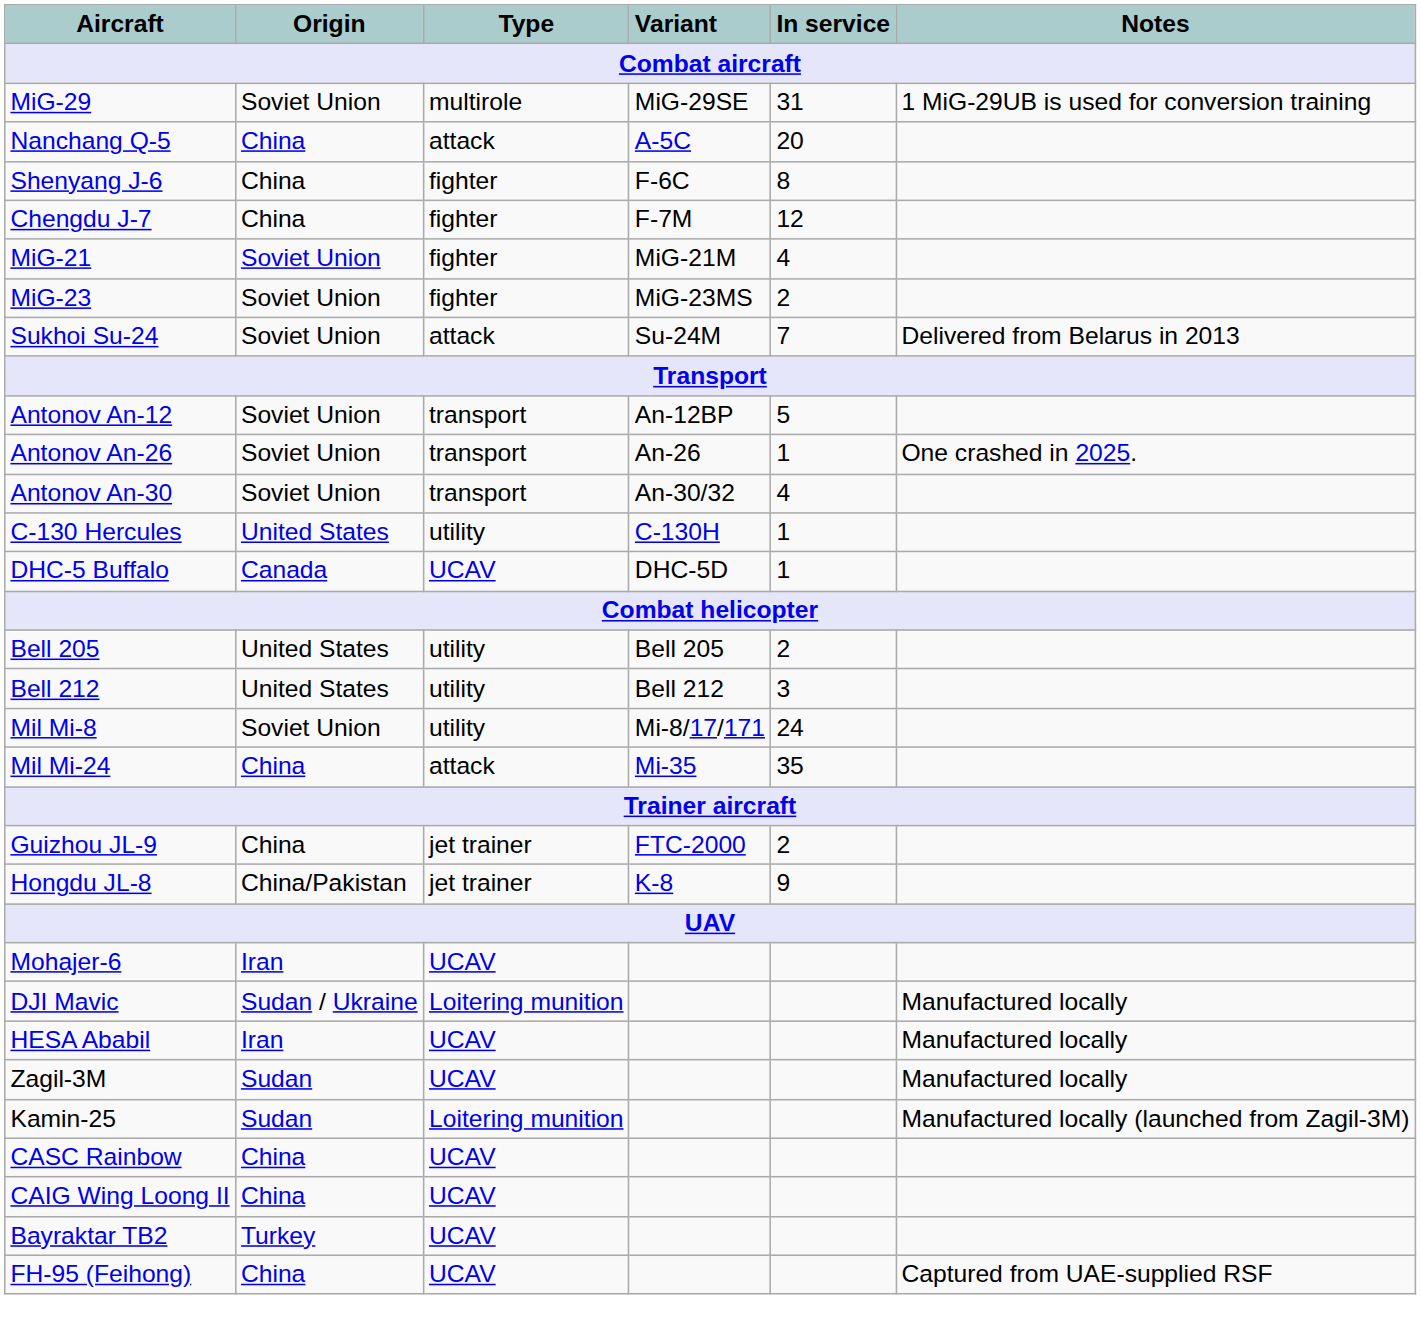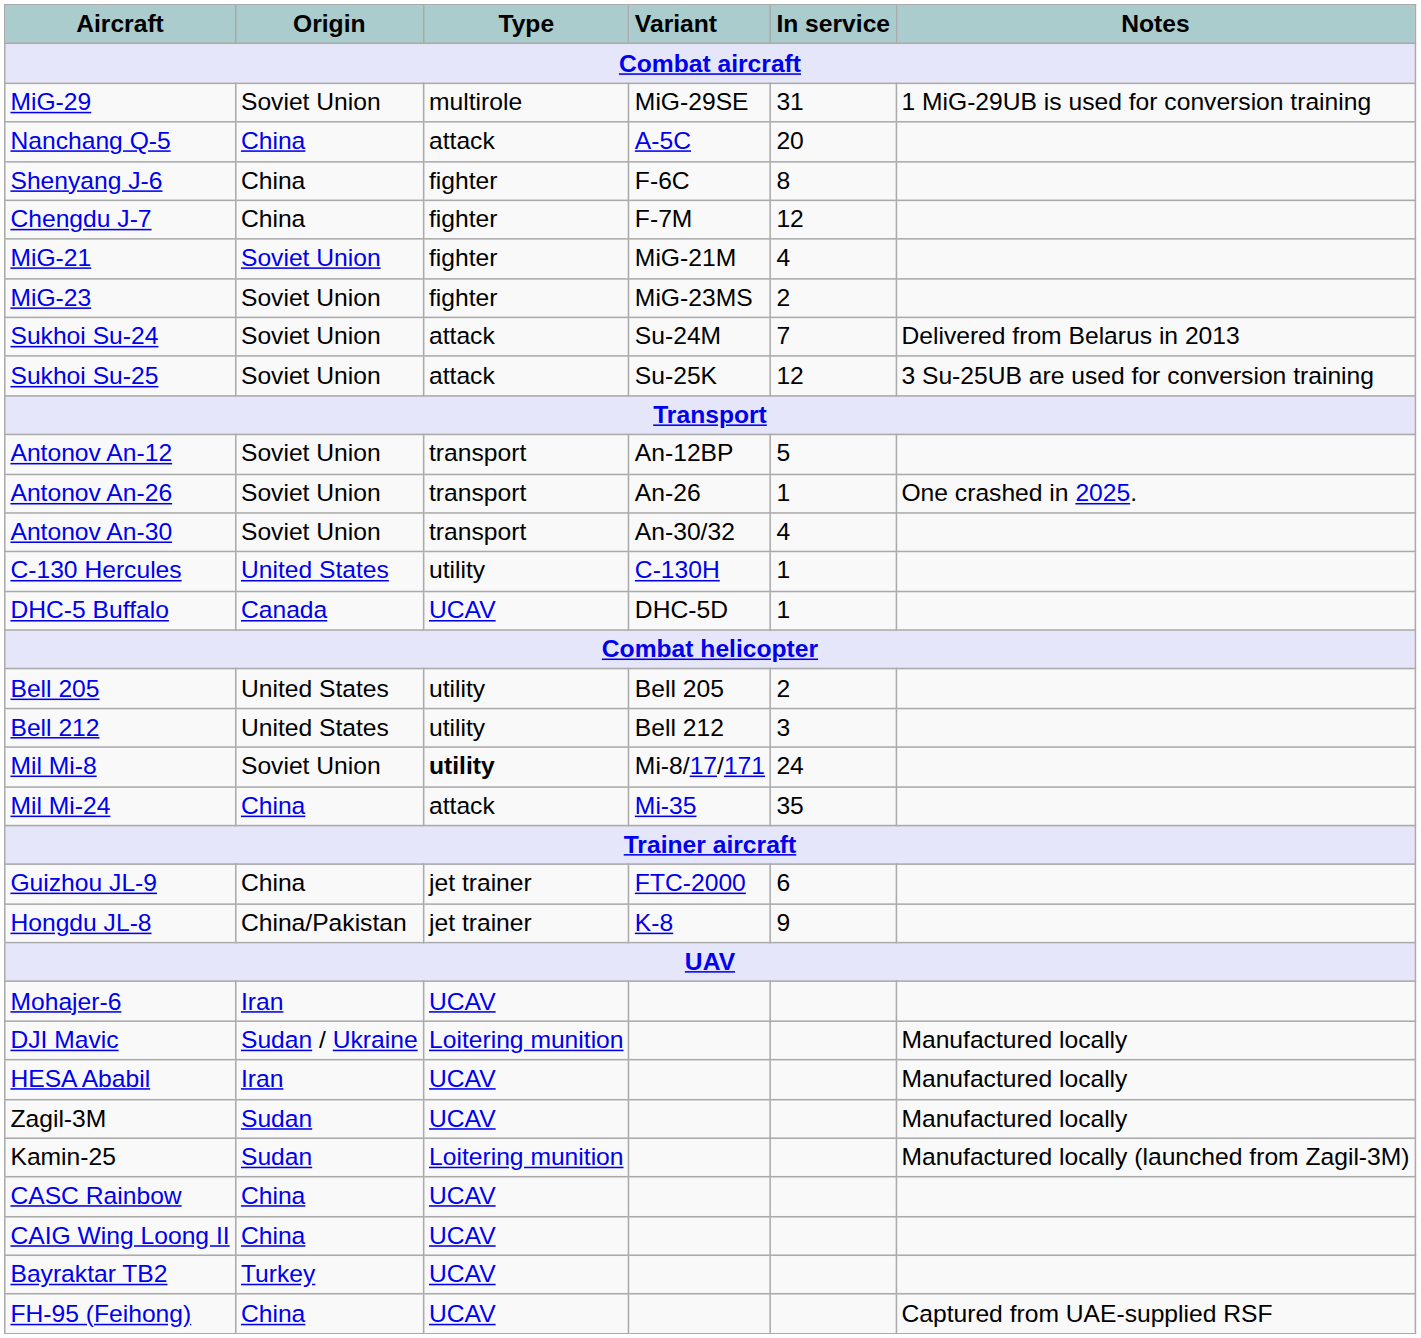 <table class="wikitable">
 <tr>
 <th style="text-align:center; background:#acc;">Aircraft</th>
 <th style="text-align: center; background:#acc;">Origin</th>
 <th style="text-align:l center; background:#acc;">Type</th>
 <th style="text-align:left; background:#acc;">Variant</th>
 <th style="text-align:center; background:#acc;">In service</th>
 <th style="text-align: center; background:#acc;">Notes</th>
 </tr>
 <tr>
 <th colspan="6" style="align: center; background: lavender;"><a href='#'>Combat aircraft</a></th>
 </tr>
 <tr>
 <td><a href='#'>MiG-29</a></td>
 <td>Soviet Union</td>
 <td>multirole</td>
 <td>MiG-29SE</td>
 <td>31</td>
 <td>1 MiG-29UB is used for conversion training</td>
 </tr>
 <tr>
 <td><a href='#'>Nanchang Q-5</a></td>
 <td><a href='#'>China</a></td>
 <td>attack</td>
 <td><a href='#'>A-5C</a></td>
 <td>20</td>
 <td></td>
 </tr>
 <tr>
 <td><a href='#'>Shenyang J-6</a></td>
 <td>China</td>
 <td>fighter</td>
 <td>F-6C</td>
 <td>8</td>
 <td></td>
 </tr>
 <tr>
 <td><a href='#'>Chengdu J-7</a></td>
 <td>China</td>
 <td>fighter</td>
 <td>F-7M</td>
 <td>12</td>
 <td></td>
 </tr>
 <tr>
 <td><a href='#'>MiG-21</a></td>
 <td><a href='#'>Soviet Union</a></td>
 <td>fighter</td>
 <td>MiG-21M</td>
 <td>4</td>
 <td></td>
 </tr>
 <tr>
 <td><a href='#'>MiG-23</a></td>
 <td>Soviet Union</td>
 <td>fighter</td>
 <td>MiG-23MS</td>
 <td>2</td>
 <td></td>
 </tr>
 <tr>
 <td><a href='#'>Sukhoi Su-24</a></td>
 <td>Soviet Union</td>
 <td>attack</td>
 <td>Su-24M</td>
 <td>7</td>
 <td>Delivered from Belarus in 2013</td>
 </tr>
 <tr>
+<td><a href='#'>Sukhoi Su-25</a></td>
+<td>Soviet Union</td>
+<td>attack</td>
+<td>Su-25K</td>
+<td>12</td>
+<td>3 Su-25UB are used for conversion training</td>
+</tr>
+<tr>
 <th colspan="6" style="align: center; background: lavender;"><a href='#'>Transport</a></th>
 </tr>
 <tr>
 <td><a href='#'>Antonov An-12</a></td>
 <td>Soviet Union</td>
 <td>transport</td>
 <td>An-12BP</td>
 <td>5</td>
 <td></td>
 </tr>
 <tr>
 <td><a href='#'>Antonov An-26</a></td>
 <td>Soviet Union</td>
 <td>transport</td>
 <td>An-26</td>
 <td>1</td>
 <td>One crashed in <a href='#'>2025</a>.</td>
 </tr>
 <tr>
 <td><a href='#'>Antonov An-30</a></td>
 <td>Soviet Union</td>
 <td>transport</td>
 <td>An-30/32</td>
 <td>4</td>
 <td></td>
 </tr>
 <tr>
 <td><a href='#'>C-130 Hercules</a></td>
 <td><a href='#'>United States</a></td>
 <td>utility</td>
 <td><a href='#'>C-130H</a></td>
 <td>1</td>
 <td></td>
 </tr>
 <tr>
 <td><a href='#'>DHC-5 Buffalo</a></td>
 <td><a href='#'>Canada</a></td>
 <td><a href='#'>UCAV</a></td>
 <td>DHC-5D</td>
 <td>1</td>
 <td></td>
 </tr>
 <tr>
 <th colspan="6" style="align: center; background: lavender;"><a href='#'>Combat helicopter</a></th>
 </tr>
 <tr>
 <td><a href='#'>Bell 205</a></td>
 <td>United States</td>
 <td>utility</td>
 <td>Bell 205</td>
 <td>2</td>
 <td></td>
 </tr>
 <tr>
 <td><a href='#'>Bell 212</a></td>
 <td>United States</td>
 <td>utility</td>
 <td>Bell 212</td>
 <td>3</td>
 <td></td>
 </tr>
 <tr>
 <td><a href='#'>Mil Mi-8</a></td>
 <td>Soviet Union</td>
-<td>utility</td>
+<td><strong>utility</strong></td>
 <td>Mi-8/<a href='#'>17</a>/<a href='#'>171</a></td>
 <td>24</td>
 <td></td>
 </tr>
 <tr>
 <td><a href='#'>Mil Mi-24</a></td>
 <td><a href='#'>China</a></td>
 <td>attack</td>
 <td><a href='#'>Mi-35</a></td>
 <td>35</td>
 <td></td>
 </tr>
 <tr>
 <th colspan="6" style="align: center; background: lavender;"><a href='#'>Trainer aircraft</a></th>
 </tr>
 <tr>
 <td><a href='#'>Guizhou JL-9</a></td>
 <td>China</td>
 <td>jet trainer</td>
 <td><a href='#'>FTC-2000</a></td>
-<td>2</td>
+<td>6</td>
 <td></td>
 </tr>
 <tr>
 <td><a href='#'>Hongdu JL-8</a></td>
 <td>China/Pakistan</td>
 <td>jet trainer</td>
 <td><a href='#'>K-8</a></td>
 <td>9</td>
 <td></td>
 </tr>
 <tr>
 <th style="align: center; background: lavender;" colspan="6"><a href='#'>UAV</a></th>
 </tr>
 <tr>
 <td><a href='#'>Mohajer-6</a></td>
 <td><a href='#'>Iran</a></td>
 <td><a href='#'>UCAV</a></td>
 <td></td>
 <td></td>
 <td></td>
 </tr>
 <tr>
 <td><a href='#'>DJI Mavic</a></td>
 <td><a href='#'>Sudan</a> / <a href='#'>Ukraine</a></td>
 <td><a href='#'>Loitering munition</a></td>
 <td></td>
 <td></td>
 <td>Manufactured locally</td>
 </tr>
 <tr>
 <td><a href='#'>HESA Ababil</a></td>
 <td><a href='#'>Iran</a></td>
 <td><a href='#'>UCAV</a></td>
 <td></td>
 <td></td>
 <td>Manufactured locally</td>
 </tr>
 <tr>
 <td>Zagil-3M</td>
 <td><a href='#'>Sudan</a></td>
 <td><a href='#'>UCAV</a></td>
 <td></td>
 <td></td>
 <td>Manufactured locally</td>
 </tr>
 <tr>
 <td>Kamin-25</td>
 <td><a href='#'>Sudan</a></td>
 <td><a href='#'>Loitering munition</a></td>
 <td></td>
 <td></td>
 <td>Manufactured locally (launched from Zagil-3M)</td>
 </tr>
 <tr>
 <td><a href='#'>CASC Rainbow</a></td>
 <td><a href='#'>China</a></td>
 <td><a href='#'>UCAV</a></td>
 <td></td>
 <td></td>
 <td></td>
 </tr>
 <tr>
 <td><a href='#'>CAIG Wing Loong II</a></td>
 <td><a href='#'>China</a></td>
 <td><a href='#'>UCAV</a></td>
 <td></td>
 <td></td>
 <td></td>
 </tr>
 <tr>
 <td><a href='#'>Bayraktar TB2</a></td>
 <td><a href='#'>Turkey</a></td>
 <td><a href='#'>UCAV</a></td>
 <td></td>
 <td></td>
 <td></td>
 </tr>
 <tr>
 <td><a href='#'>FH-95 (Feihong)</a></td>
 <td><a href='#'>China</a></td>
 <td><a href='#'>UCAV</a></td>
 <td></td>
 <td></td>
 <td>Captured from UAE-supplied RSF</td>
 </tr>
 </table>
